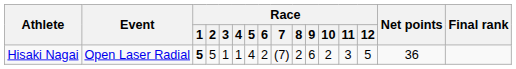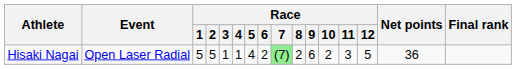 <table class="wikitable" border="1" style="font-size:90%">
 <tr>
 <th rowspan=2>Athlete</th>
 <th rowspan=2>Event</th>
 <th colspan=12>Race</th>
 <th rowspan=2>Net points</th>
 <th rowspan=2>Final rank</th>
 </tr>
 <tr>
 <th>1</th>
 <th>2</th>
 <th>3</th>
 <th>4</th>
 <th>5</th>
 <th>6</th>
 <th>7</th>
 <th>8</th>
 <th>9</th>
 <th>10</th>
 <th>11</th>
 <th>12</th>
 </tr>
 <tr align=center>
 <td align=left><a href='#'>Hisaki Nagai</a></td>
 <td align=left><a href='#'>Open Laser Radial</a></td>
-<td><strong>5</strong></td>
+<td>5</td>
 <td>5</td>
 <td>1</td>
 <td>1</td>
 <td>4</td>
 <td>2</td>
-<td>(7)</td>
+<td style="background: lightgreen;">(7)</td>
 <td>2</td>
 <td>6</td>
 <td>2</td>
 <td>3</td>
 <td>5</td>
 <td>36</td>
 <td></td>
 </tr>
 </table>
